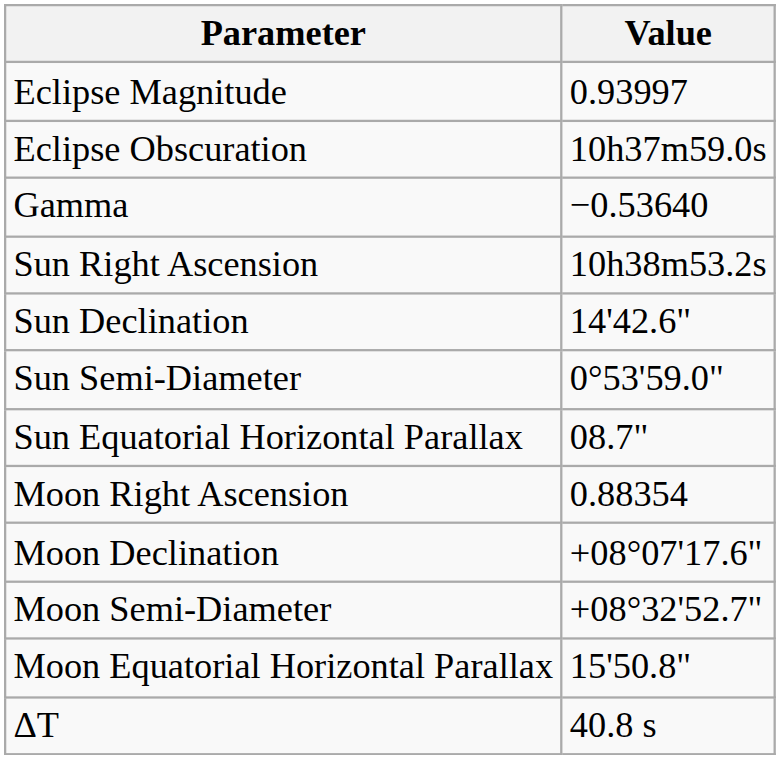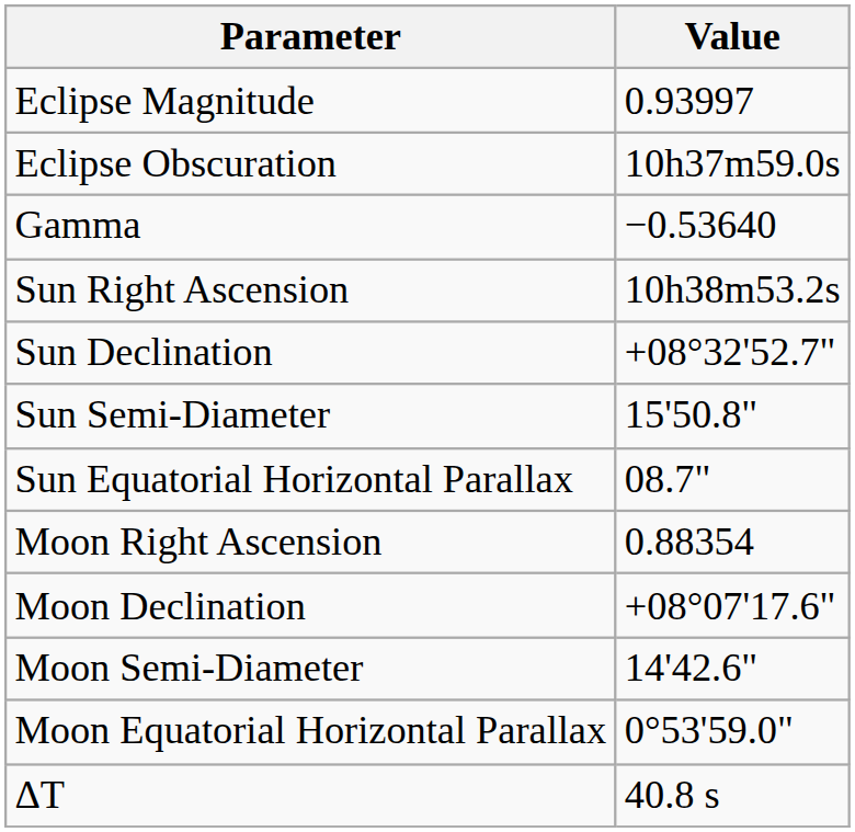 <table class="wikitable">
 <tr>
 <th>Parameter</th>
 <th>Value</th>
 </tr>
 <tr>
 <td>Eclipse Magnitude</td>
 <td>0.93997</td>
 </tr>
 <tr>
 <td>Eclipse Obscuration</td>
 <td>10h37m59.0s</td>
 </tr>
 <tr>
 <td>Gamma</td>
 <td>−0.53640</td>
 </tr>
 <tr>
 <td>Sun Right Ascension</td>
 <td>10h38m53.2s</td>
 </tr>
 <tr>
 <td>Sun Declination</td>
-<td>14'42.6"</td>
+<td>+08°32'52.7"</td>
 </tr>
 <tr>
 <td>Sun Semi-Diameter</td>
-<td>0°53'59.0"</td>
+<td>15'50.8"</td>
 </tr>
 <tr>
 <td>Sun Equatorial Horizontal Parallax</td>
 <td>08.7"</td>
 </tr>
 <tr>
 <td>Moon Right Ascension</td>
 <td>0.88354</td>
 </tr>
 <tr>
 <td>Moon Declination</td>
 <td>+08°07'17.6"</td>
 </tr>
 <tr>
 <td>Moon Semi-Diameter</td>
-<td>+08°32'52.7"</td>
+<td>14'42.6"</td>
 </tr>
 <tr>
 <td>Moon Equatorial Horizontal Parallax</td>
-<td>15'50.8"</td>
+<td>0°53'59.0"</td>
 </tr>
 <tr>
 <td>ΔT</td>
 <td>40.8 s</td>
 </tr>
 </table>
